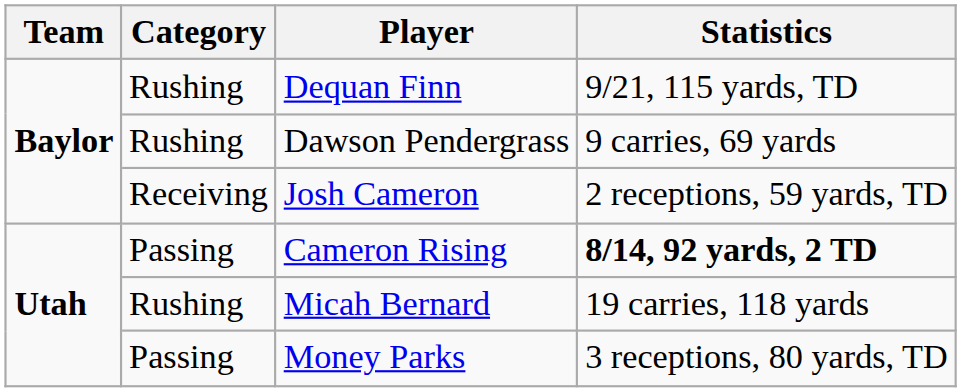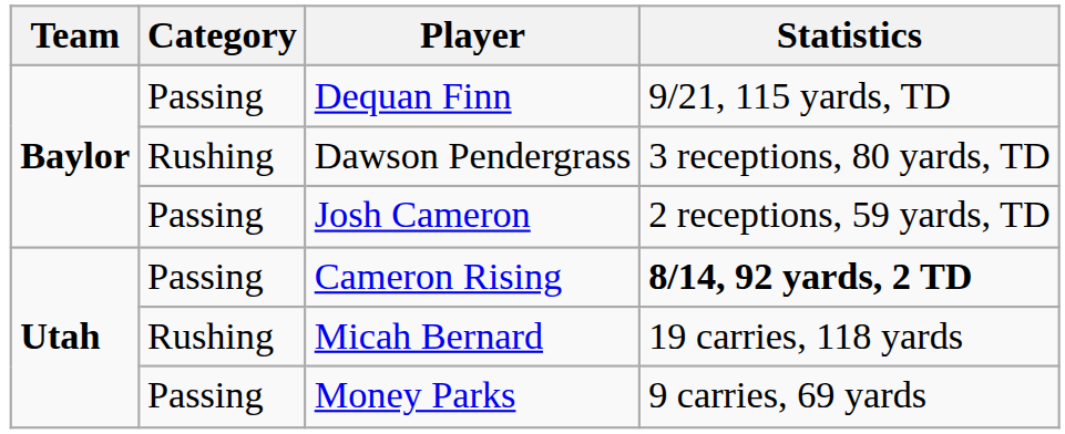 <table class="wikitable" style="float: right;">
 <tr>
 <th>Team</th>
 <th>Category</th>
 <th>Player</th>
 <th>Statistics</th>
 </tr>
 <tr>
 <td rowspan=3><strong>Baylor</strong></td>
-<td>Rushing</td>
+<td>Passing</td>
 <td><a href='#'>Dequan Finn</a></td>
 <td>9/21, 115 yards, TD</td>
 </tr>
 <tr>
 <td>Rushing</td>
 <td>Dawson Pendergrass</td>
-<td>9 carries, 69 yards</td>
+<td>3 receptions, 80 yards, TD</td>
 </tr>
 <tr>
-<td>Receiving</td>
+<td>Passing</td>
 <td><a href='#'>Josh Cameron</a></td>
 <td>2 receptions, 59 yards, TD</td>
 </tr>
 <tr>
 <td rowspan=3><strong>Utah</strong></td>
 <td>Passing</td>
 <td><a href='#'>Cameron Rising</a></td>
 <td><strong>8/14, 92 yards, 2 TD</strong></td>
 </tr>
 <tr>
 <td>Rushing</td>
 <td><a href='#'>Micah Bernard</a></td>
 <td>19 carries, 118 yards</td>
 </tr>
 <tr>
 <td>Passing</td>
 <td><a href='#'>Money Parks</a></td>
-<td>3 receptions, 80 yards, TD</td>
+<td>9 carries, 69 yards</td>
 </tr>
 </table>
